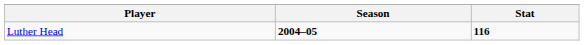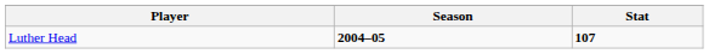 <table class="wikitable sortable" style="text-align: left; width: 65%">
 <tr>
 </tr>
 <tr>
 <th>Player</th>
 <th>Season</th>
 <th>Stat</th>
 </tr>
 <tr>
 <td><a href='#'>Luther Head</a></td>
 <td><strong>2004–05</strong></td>
-<td><strong>116</strong></td>
+<td><strong>107</strong></td>
 </tr>
 </table>
